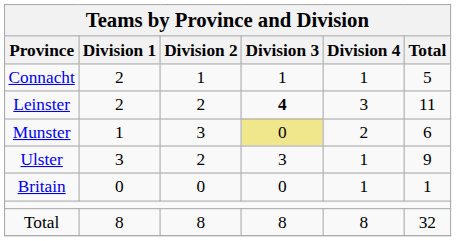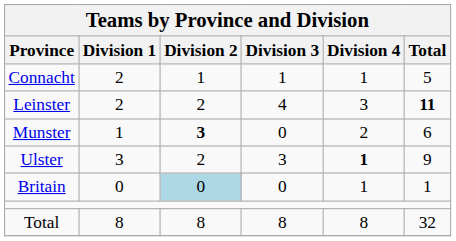 <table class="wikitable" style="text-align:center">
 <tr>
 <th colspan=6><big>Teams by Province and Division</big></th>
 </tr>
 <tr>
 <th>Province</th>
 <th>Division 1</th>
 <th>Division 2</th>
 <th>Division 3</th>
 <th>Division 4</th>
 <th>Total</th>
 </tr>
 <tr>
 <td><a href='#'>Connacht</a></td>
 <td>2</td>
 <td>1</td>
 <td>1</td>
 <td>1</td>
 <td>5</td>
 </tr>
 <tr>
 <td><a href='#'>Leinster</a></td>
 <td>2</td>
 <td>2</td>
-<td><strong>4</strong></td>
+<td>4</td>
 <td>3</td>
-<td>11</td>
+<td><strong>11</strong></td>
 </tr>
 <tr>
 <td><a href='#'>Munster</a></td>
 <td>1</td>
-<td>3</td>
-<td style="background: khaki;">0</td>
+<td><strong>3</strong></td>
+<td>0</td>
 <td>2</td>
 <td>6</td>
 </tr>
 <tr>
 <td><a href='#'>Ulster</a></td>
 <td>3</td>
 <td>2</td>
 <td>3</td>
-<td>1</td>
+<td><strong>1</strong></td>
 <td>9</td>
 </tr>
 <tr>
 <td><a href='#'>Britain</a></td>
 <td>0</td>
-<td>0</td>
+<td style="background: lightblue;">0</td>
 <td>0</td>
 <td>1</td>
 <td>1</td>
 </tr>
 <tr>
 <td colspan=6></td>
 </tr>
 <tr>
 <td>Total</td>
 <td>8</td>
 <td>8</td>
 <td>8</td>
 <td>8</td>
 <td>32</td>
 </tr>
 <tr>
 </tr>
 </table>
